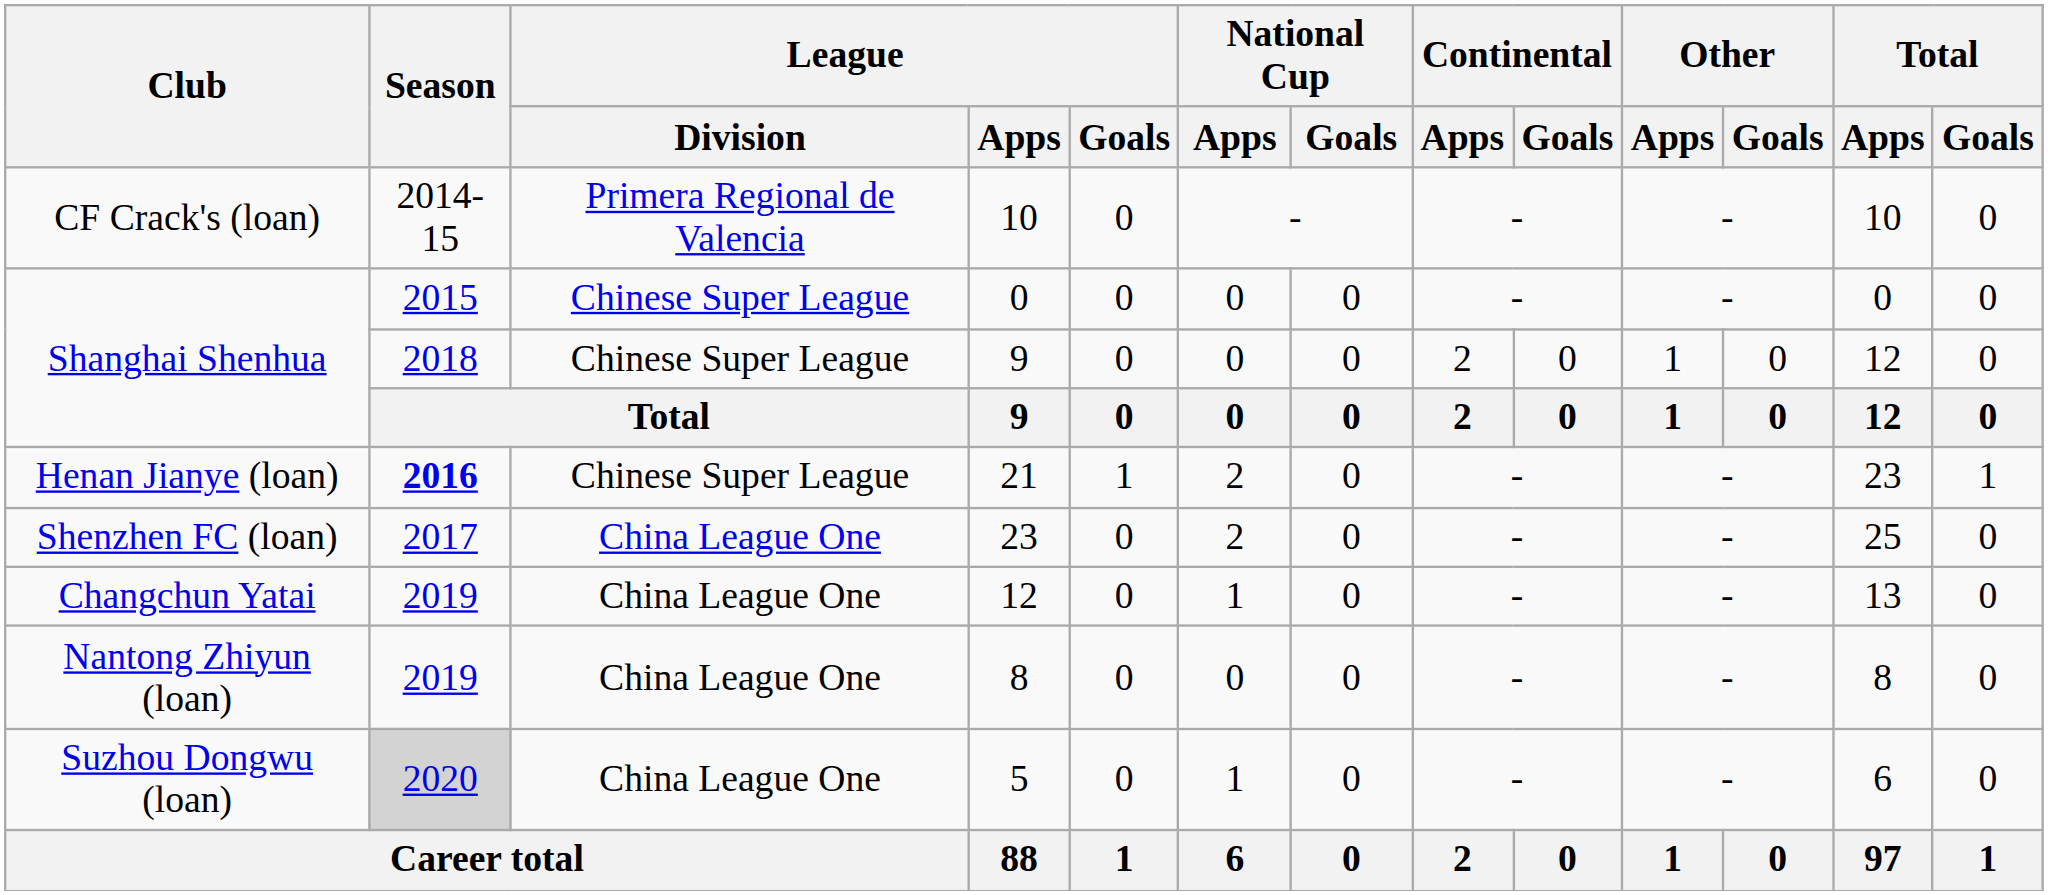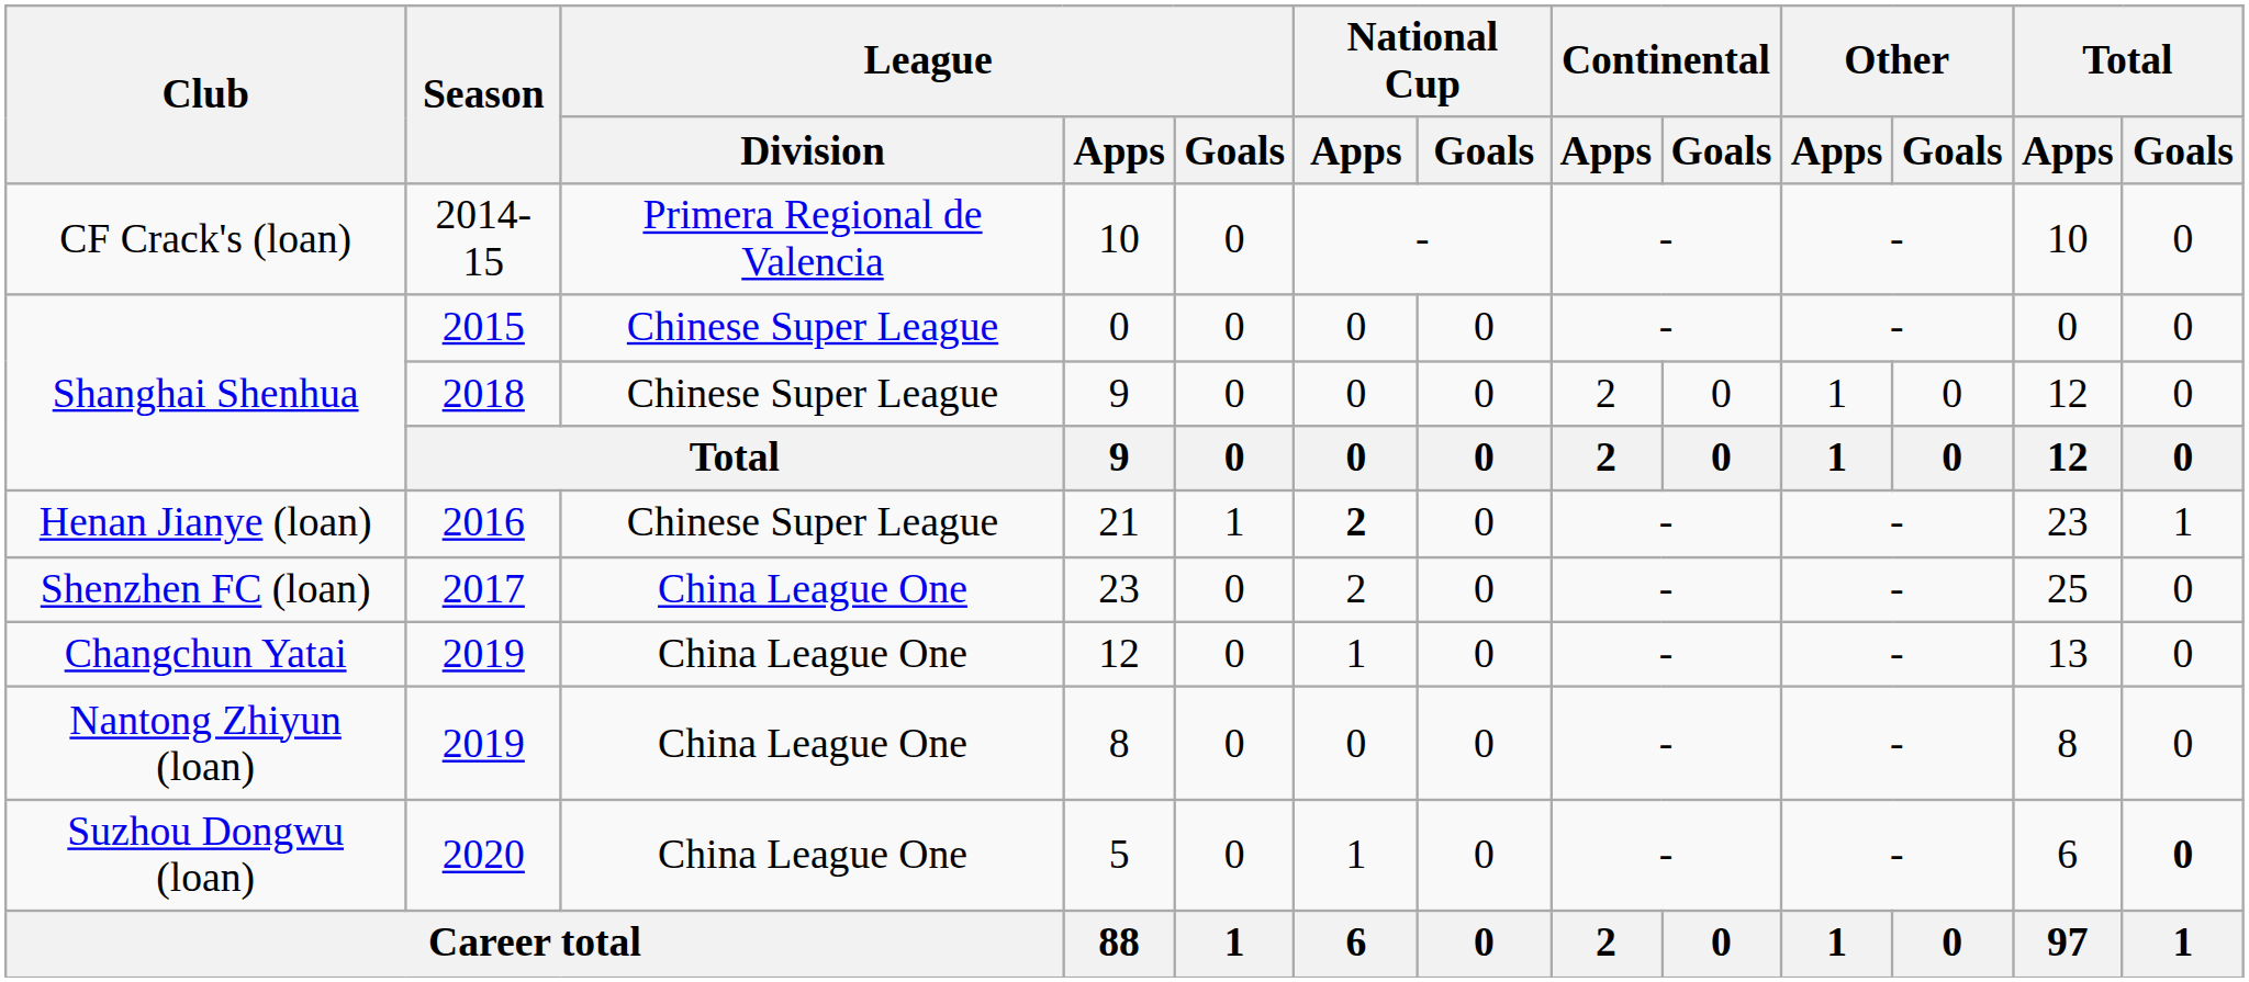 <table class="wikitable" style="text-align: center">
 <tr>
 <th rowspan="2">Club</th>
 <th rowspan="2">Season</th>
 <th colspan="3">League</th>
 <th colspan="2">National Cup</th>
 <th colspan="2">Continental</th>
 <th colspan="2">Other</th>
 <th colspan="2">Total</th>
 </tr>
 <tr>
 <th>Division</th>
 <th>Apps</th>
 <th>Goals</th>
 <th>Apps</th>
 <th>Goals</th>
 <th>Apps</th>
 <th>Goals</th>
 <th>Apps</th>
 <th>Goals</th>
 <th>Apps</th>
 <th>Goals</th>
 </tr>
 <tr>
 <td>CF Crack's (loan)</td>
 <td>2014-15</td>
 <td><a href='#'>Primera Regional de Valencia</a></td>
 <td>10</td>
 <td>0</td>
 <td colspan="2">-</td>
 <td colspan="2">-</td>
 <td colspan="2">-</td>
 <td>10</td>
 <td>0</td>
 </tr>
 <tr>
 <td rowspan=3><a href='#'>Shanghai Shenhua</a></td>
 <td><a href='#'>2015</a></td>
 <td><a href='#'>Chinese Super League</a></td>
 <td>0</td>
 <td>0</td>
 <td>0</td>
 <td>0</td>
 <td colspan="2">-</td>
 <td colspan="2">-</td>
 <td>0</td>
 <td>0</td>
 </tr>
 <tr>
 <td><a href='#'>2018</a></td>
 <td>Chinese Super League</td>
 <td>9</td>
 <td>0</td>
 <td>0</td>
 <td>0</td>
 <td>2</td>
 <td>0</td>
 <td>1</td>
 <td>0</td>
 <td>12</td>
 <td>0</td>
 </tr>
 <tr>
 <th colspan="2">Total</th>
 <th>9</th>
 <th>0</th>
 <th>0</th>
 <th>0</th>
 <th>2</th>
 <th>0</th>
 <th>1</th>
 <th>0</th>
 <th>12</th>
 <th>0</th>
 </tr>
 <tr>
 <td><a href='#'>Henan Jianye</a> (loan)</td>
-<td><strong><a href='#'>2016</a></strong></td>
+<td><a href='#'>2016</a></td>
 <td>Chinese Super League</td>
 <td>21</td>
 <td>1</td>
-<td>2</td>
+<td><strong>2</strong></td>
 <td>0</td>
 <td colspan="2">-</td>
 <td colspan="2">-</td>
 <td>23</td>
 <td>1</td>
 </tr>
 <tr>
 <td><a href='#'>Shenzhen FC</a> (loan)</td>
 <td><a href='#'>2017</a></td>
 <td><a href='#'>China League One</a></td>
 <td>23</td>
 <td>0</td>
 <td>2</td>
 <td>0</td>
 <td colspan="2">-</td>
 <td colspan="2">-</td>
 <td>25</td>
 <td>0</td>
 </tr>
 <tr>
 <td><a href='#'>Changchun Yatai</a></td>
 <td><a href='#'>2019</a></td>
 <td>China League One</td>
 <td>12</td>
 <td>0</td>
 <td>1</td>
 <td>0</td>
 <td colspan="2">-</td>
 <td colspan="2">-</td>
 <td>13</td>
 <td>0</td>
 </tr>
 <tr>
 <td><a href='#'>Nantong Zhiyun</a> (loan)</td>
 <td><a href='#'>2019</a></td>
 <td>China League One</td>
 <td>8</td>
 <td>0</td>
 <td>0</td>
 <td>0</td>
 <td colspan="2">-</td>
 <td colspan="2">-</td>
 <td>8</td>
 <td>0</td>
 </tr>
 <tr>
 <td><a href='#'>Suzhou Dongwu</a> (loan)</td>
-<td style="background: lightgrey;"><a href='#'>2020</a></td>
+<td><a href='#'>2020</a></td>
 <td>China League One</td>
 <td>5</td>
 <td>0</td>
 <td>1</td>
 <td>0</td>
 <td colspan="2">-</td>
 <td colspan="2">-</td>
 <td>6</td>
-<td>0</td>
+<td><strong>0</strong></td>
 </tr>
 <tr>
 <th colspan=3>Career total</th>
 <th>88</th>
 <th>1</th>
 <th>6</th>
 <th>0</th>
 <th>2</th>
 <th>0</th>
 <th>1</th>
 <th>0</th>
 <th>97</th>
 <th>1</th>
 </tr>
 </table>
